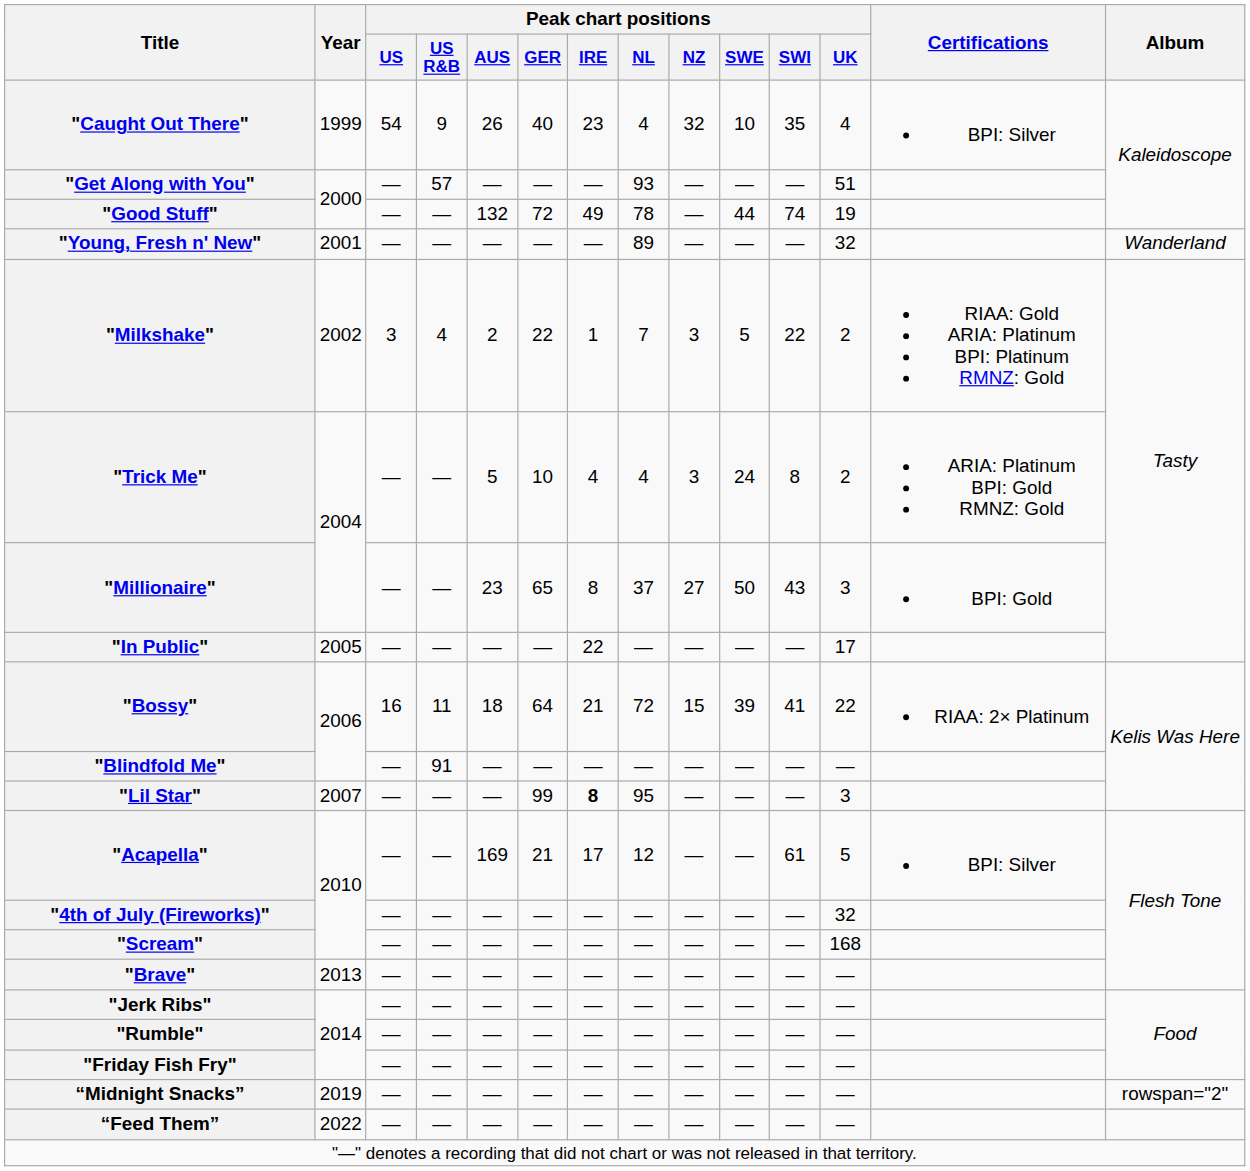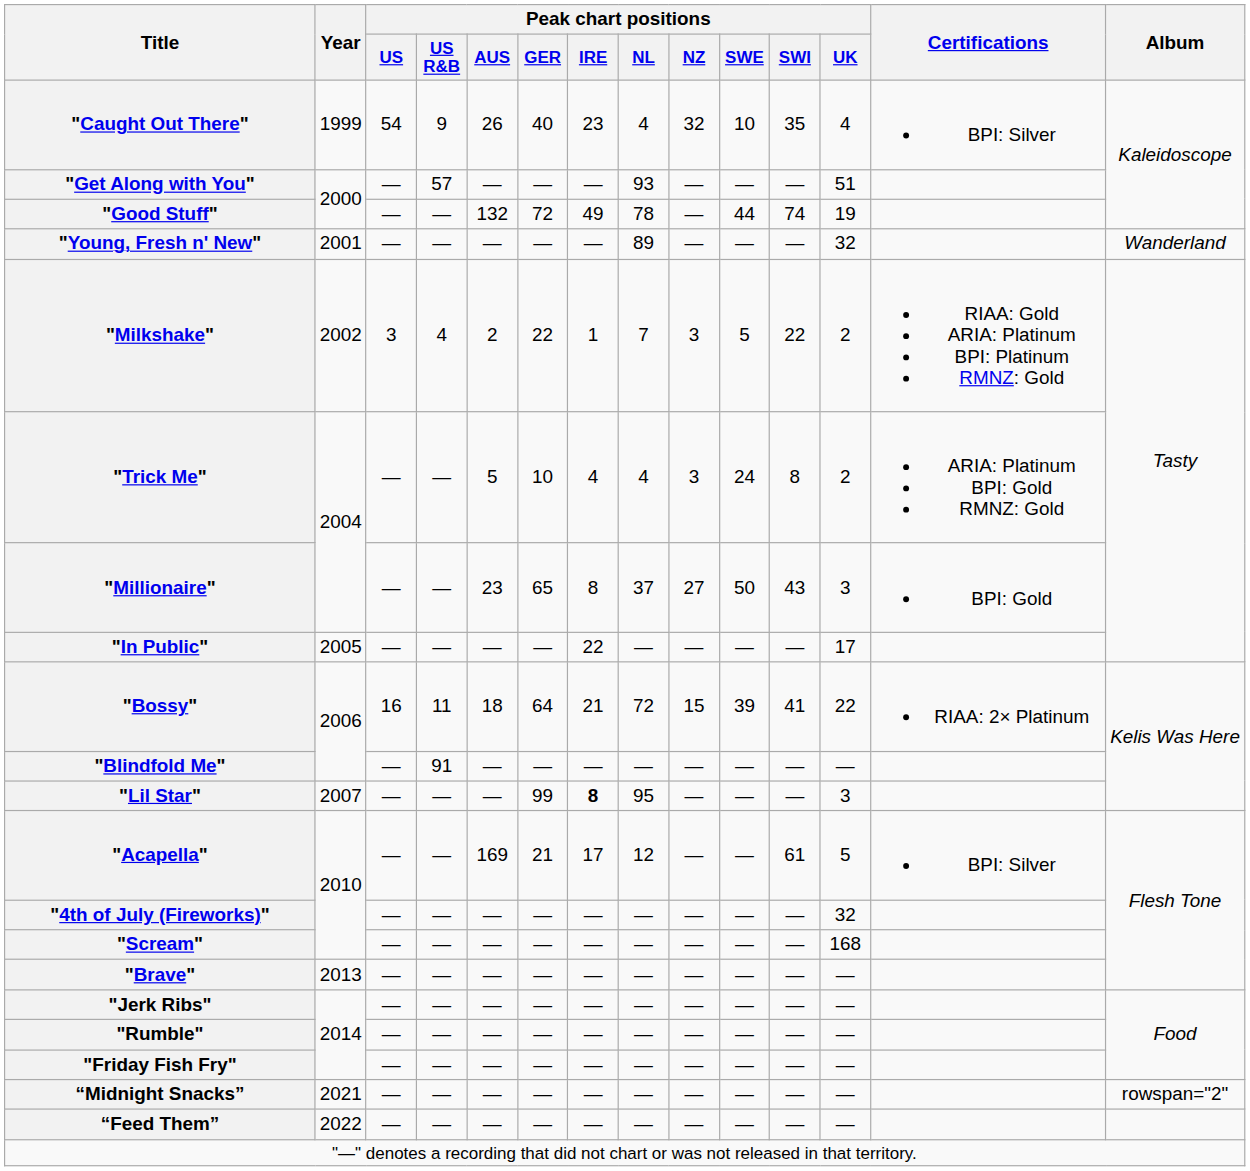 <table class="wikitable plainrowheaders" style="text-align:center;">
 <tr>
 <th scope="col" rowspan="2" style="width:16em;">Title</th>
 <th scope="col" rowspan="2">Year</th>
 <th scope="col" colspan="10">Peak chart positions</th>
 <th scope="col" rowspan="2" style="width:12em;"><a href='#'>Certifications</a></th>
 <th scope="col" rowspan="2">Album</th>
 </tr>
 <tr>
 <th scope="col" style="width:2.5em;font-size:90%;"><a href='#'>US</a><br></th>
 <th scope="col" style="width:2.5em;font-size:90%;"><a href='#'>US<br>R&B</a><br></th>
 <th scope="col" style="width:2.5em;font-size:90%;"><a href='#'>AUS</a><br></th>
 <th scope="col" style="width:2.5em;font-size:90%;"><a href='#'>GER</a><br></th>
 <th scope="col" style="width:2.5em;font-size:90%;"><a href='#'>IRE</a><br></th>
 <th scope="col" style="width:2.5em;font-size:90%;"><a href='#'>NL</a><br></th>
 <th scope="col" style="width:2.5em;font-size:90%;"><a href='#'>NZ</a><br></th>
 <th scope="col" style="width:2.5em;font-size:90%;"><a href='#'>SWE</a><br></th>
 <th scope="col" style="width:2.5em;font-size:90%;"><a href='#'>SWI</a><br></th>
 <th scope="col" style="width:2.5em;font-size:90%;"><a href='#'>UK</a><br></th>
 </tr>
 <tr>
 <th scope="row">"<a href='#'>Caught Out There</a>"</th>
 <td>1999</td>
 <td>54</td>
 <td>9</td>
 <td>26</td>
 <td>40</td>
 <td>23</td>
 <td>4</td>
 <td>32</td>
 <td>10</td>
 <td>35</td>
 <td>4</td>
 <td><br><ul><li>BPI: Silver</li></ul></td>
 <td rowspan="3"><em>Kaleidoscope</em></td>
 </tr>
 <tr>
 <th scope="row">"<a href='#'>Get Along with You</a>"</th>
 <td rowspan="2">2000</td>
 <td>—</td>
 <td>57</td>
 <td>—</td>
 <td>—</td>
 <td>—</td>
 <td>93</td>
 <td>—</td>
 <td>—</td>
 <td>—</td>
 <td>51</td>
 </tr>
 <tr>
 <th scope="row">"<a href='#'>Good Stuff</a>"<br></th>
 <td>—</td>
 <td>—</td>
 <td>132</td>
 <td>72</td>
 <td>49</td>
 <td>78</td>
 <td>—</td>
 <td>44</td>
 <td>74</td>
 <td>19</td>
 <td></td>
 </tr>
 <tr>
 <th scope="row">"<a href='#'>Young, Fresh n' New</a>"</th>
 <td>2001</td>
 <td>—</td>
 <td>—</td>
 <td>—</td>
 <td>—</td>
 <td>—</td>
 <td>89</td>
 <td>—</td>
 <td>—</td>
 <td>—</td>
 <td>32</td>
 <td></td>
 <td><em>Wanderland</em></td>
 </tr>
 <tr>
 <th scope="row">"<a href='#'>Milkshake</a>"</th>
 <td>2002</td>
 <td>3</td>
 <td>4</td>
 <td>2</td>
 <td>22</td>
 <td>1</td>
 <td>7</td>
 <td>3</td>
 <td>5</td>
 <td>22</td>
 <td>2</td>
 <td><br><ul><li>RIAA: Gold</li><li>ARIA: Platinum</li><li>BPI: Platinum</li><li><a href='#'>RMNZ</a>: Gold</li></ul></td>
 <td rowspan="4"><em>Tasty</em></td>
 </tr>
 <tr>
 <th scope="row">"<a href='#'>Trick Me</a>"</th>
 <td rowspan="2">2004</td>
 <td>—</td>
 <td>—</td>
 <td>5</td>
 <td>10</td>
 <td>4</td>
 <td>4</td>
 <td>3</td>
 <td>24</td>
 <td>8</td>
 <td>2</td>
 <td><br><ul><li>ARIA: Platinum</li><li>BPI: Gold</li><li>RMNZ: Gold</li></ul></td>
 </tr>
 <tr>
 <th scope="row">"<a href='#'>Millionaire</a>"<br></th>
 <td>—</td>
 <td>—</td>
 <td>23</td>
 <td>65</td>
 <td>8</td>
 <td>37</td>
 <td>27</td>
 <td>50</td>
 <td>43</td>
 <td>3</td>
 <td><br><ul><li>BPI: Gold</li></ul></td>
 </tr>
 <tr>
 <th scope="row">"<a href='#'>In Public</a>"<br></th>
 <td>2005</td>
 <td>—</td>
 <td>—</td>
 <td>—</td>
 <td>—</td>
 <td>22</td>
 <td>—</td>
 <td>—</td>
 <td>—</td>
 <td>—</td>
 <td>17</td>
 <td></td>
 </tr>
 <tr>
 <th scope="row">"<a href='#'>Bossy</a>"<br></th>
 <td rowspan="2">2006</td>
 <td>16</td>
 <td>11</td>
 <td>18</td>
 <td>64</td>
 <td>21</td>
 <td>72</td>
 <td>15</td>
 <td>39</td>
 <td>41</td>
 <td>22</td>
 <td><br><ul><li>RIAA: 2× Platinum</li></ul></td>
 <td rowspan="3"><em>Kelis Was Here</em></td>
 </tr>
 <tr>
 <th scope="row">"<a href='#'>Blindfold Me</a>"<br></th>
 <td>—</td>
 <td>91</td>
 <td>—</td>
 <td>—</td>
 <td>—</td>
 <td>—</td>
 <td>—</td>
 <td>—</td>
 <td>—</td>
 <td>—</td>
 <td></td>
 </tr>
 <tr>
 <th scope="row">"<a href='#'>Lil Star</a>"<br></th>
 <td>2007</td>
 <td>—</td>
 <td>—</td>
 <td>—</td>
 <td>99</td>
 <td><strong>8</strong></td>
 <td>95</td>
 <td>—</td>
 <td>—</td>
 <td>—</td>
 <td>3</td>
 <td></td>
 </tr>
 <tr>
 <th scope="row">"<a href='#'>Acapella</a>"</th>
 <td rowspan="3">2010</td>
 <td>—</td>
 <td>—</td>
 <td>169</td>
 <td>21</td>
 <td>17</td>
 <td>12</td>
 <td>—</td>
 <td>—</td>
 <td>61</td>
 <td>5</td>
 <td><br><ul><li>BPI: Silver</li></ul></td>
 <td rowspan="4"><em>Flesh Tone</em></td>
 </tr>
 <tr>
 <th scope="row">"<a href='#'>4th of July (Fireworks)</a>"</th>
 <td>—</td>
 <td>—</td>
 <td>—</td>
 <td>—</td>
 <td>—</td>
 <td>—</td>
 <td>—</td>
 <td>—</td>
 <td>—</td>
 <td>32</td>
 <td></td>
 </tr>
 <tr>
 <th scope="row">"<a href='#'>Scream</a>"</th>
 <td>—</td>
 <td>—</td>
 <td>—</td>
 <td>—</td>
 <td>—</td>
 <td>—</td>
 <td>—</td>
 <td>—</td>
 <td>—</td>
 <td>168</td>
 <td></td>
 </tr>
 <tr>
 <th scope="row">"<a href='#'>Brave</a>"</th>
 <td>2013</td>
 <td>—</td>
 <td>—</td>
 <td>—</td>
 <td>—</td>
 <td>—</td>
 <td>—</td>
 <td>—</td>
 <td>—</td>
 <td>—</td>
 <td>—</td>
 <td></td>
 </tr>
 <tr>
 <th scope="row">"Jerk Ribs"</th>
 <td rowspan="3">2014</td>
 <td>—</td>
 <td>—</td>
 <td>—</td>
 <td>—</td>
 <td>—</td>
 <td>—</td>
 <td>—</td>
 <td>—</td>
 <td>—</td>
 <td>—</td>
 <td></td>
 <td rowspan="3"><em>Food</em></td>
 </tr>
 <tr>
 <th scope="row">"Rumble"</th>
 <td>—</td>
 <td>—</td>
 <td>—</td>
 <td>—</td>
 <td>—</td>
 <td>—</td>
 <td>—</td>
 <td>—</td>
 <td>—</td>
 <td>—</td>
 <td></td>
 </tr>
 <tr>
 <th scope="row">"Friday Fish Fry"</th>
 <td>—</td>
 <td>—</td>
 <td>—</td>
 <td>—</td>
 <td>—</td>
 <td>—</td>
 <td>—</td>
 <td>—</td>
 <td>—</td>
 <td>—</td>
 <td></td>
 </tr>
 <tr>
 <th scope="row">“Midnight Snacks”</th>
-<td>2019</td>
+<td>2021</td>
 <td>—</td>
 <td>—</td>
 <td>—</td>
 <td>—</td>
 <td>—</td>
 <td>—</td>
 <td>—</td>
 <td>—</td>
 <td>—</td>
 <td>—</td>
 <td></td>
 <td>rowspan="2" </td>
 </tr>
 <tr>
 <th scope="row">“Feed Them”</th>
 <td>2022</td>
 <td>—</td>
 <td>—</td>
 <td>—</td>
 <td>—</td>
 <td>—</td>
 <td>—</td>
 <td>—</td>
 <td>—</td>
 <td>—</td>
 <td>—</td>
 <td></td>
 </tr>
 <tr>
 <td colspan="14" style="font-size:90%">"—" denotes a recording that did not chart or was not released in that territory.</td>
 </tr>
 </table>
